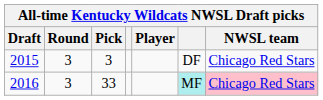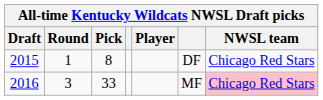 <table class="wikitable sortable" style="text-align: center;">
 <tr>
 <th colspan="7" style="background:#">All-time <a href='#'><span>Kentucky Wildcats</span></a> NWSL Draft picks</th>
 </tr>
 <tr>
 <th scope="col">Draft</th>
 <th scope="col">Round</th>
 <th scope="col">Pick</th>
 <th scope="col"></th>
 <th scope="col">Player</th>
 <th scope="col"></th>
 <th scope="col">NWSL team</th>
 </tr>
 <tr>
 <td><a href='#'>2015</a></td>
-<td>3</td>
-<td>3</td>
+<td>1</td>
+<td>8</td>
 <td></td>
 <td></td>
 <td>DF</td>
 <td><a href='#'>Chicago Red Stars</a></td>
 </tr>
 <tr>
 <td><a href='#'>2016</a></td>
 <td>3</td>
 <td>33</td>
 <td></td>
 <td></td>
-<td style="background: paleturquoise;">MF</td>
+<td>MF</td>
 <td style="background: pink;"><a href='#'>Chicago Red Stars</a></td>
 </tr>
 </table>
